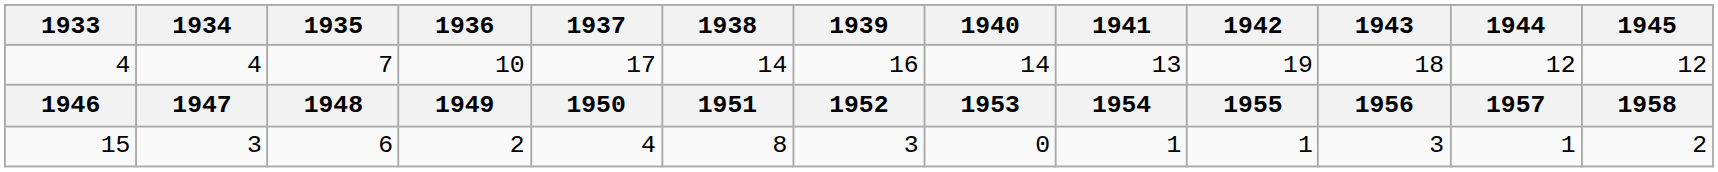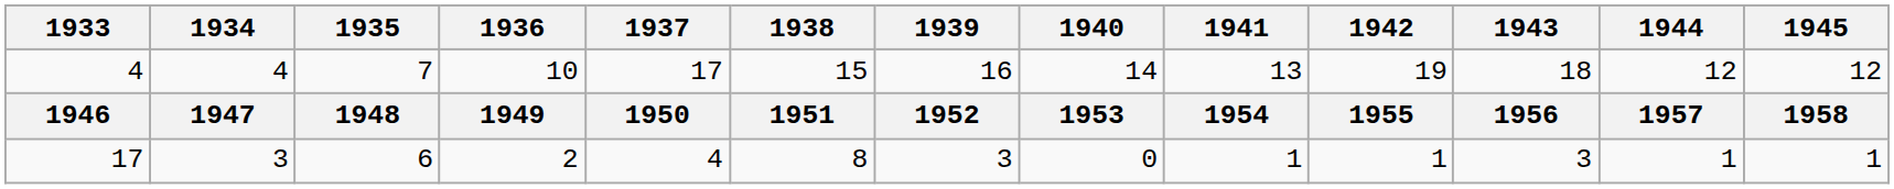 <table class="wikitable" width="900" style="text-align:right">
 <tr>
 <th>1933</th>
 <th>1934</th>
 <th>1935</th>
 <th>1936</th>
 <th>1937</th>
 <th>1938</th>
 <th>1939</th>
 <th>1940</th>
 <th>1941</th>
 <th>1942</th>
 <th>1943</th>
 <th>1944</th>
 <th>1945</th>
 </tr>
 <tr>
 <td>4</td>
 <td>4</td>
 <td>7</td>
 <td>10</td>
 <td>17</td>
-<td>14</td>
+<td>15</td>
 <td>16</td>
 <td>14</td>
 <td>13</td>
 <td>19</td>
 <td>18</td>
 <td>12</td>
 <td>12</td>
 </tr>
 <tr>
 <th>1946</th>
 <th>1947</th>
 <th>1948</th>
 <th>1949</th>
 <th>1950</th>
 <th>1951</th>
 <th>1952</th>
 <th>1953</th>
 <th>1954</th>
 <th>1955</th>
 <th>1956</th>
 <th>1957</th>
 <th>1958</th>
 </tr>
 <tr>
-<td>15</td>
+<td>17</td>
 <td>3</td>
 <td>6</td>
 <td>2</td>
 <td>4</td>
 <td>8</td>
 <td>3</td>
 <td>0</td>
 <td>1</td>
 <td>1</td>
 <td>3</td>
 <td>1</td>
-<td>2</td>
+<td>1</td>
 </tr>
 </table>
